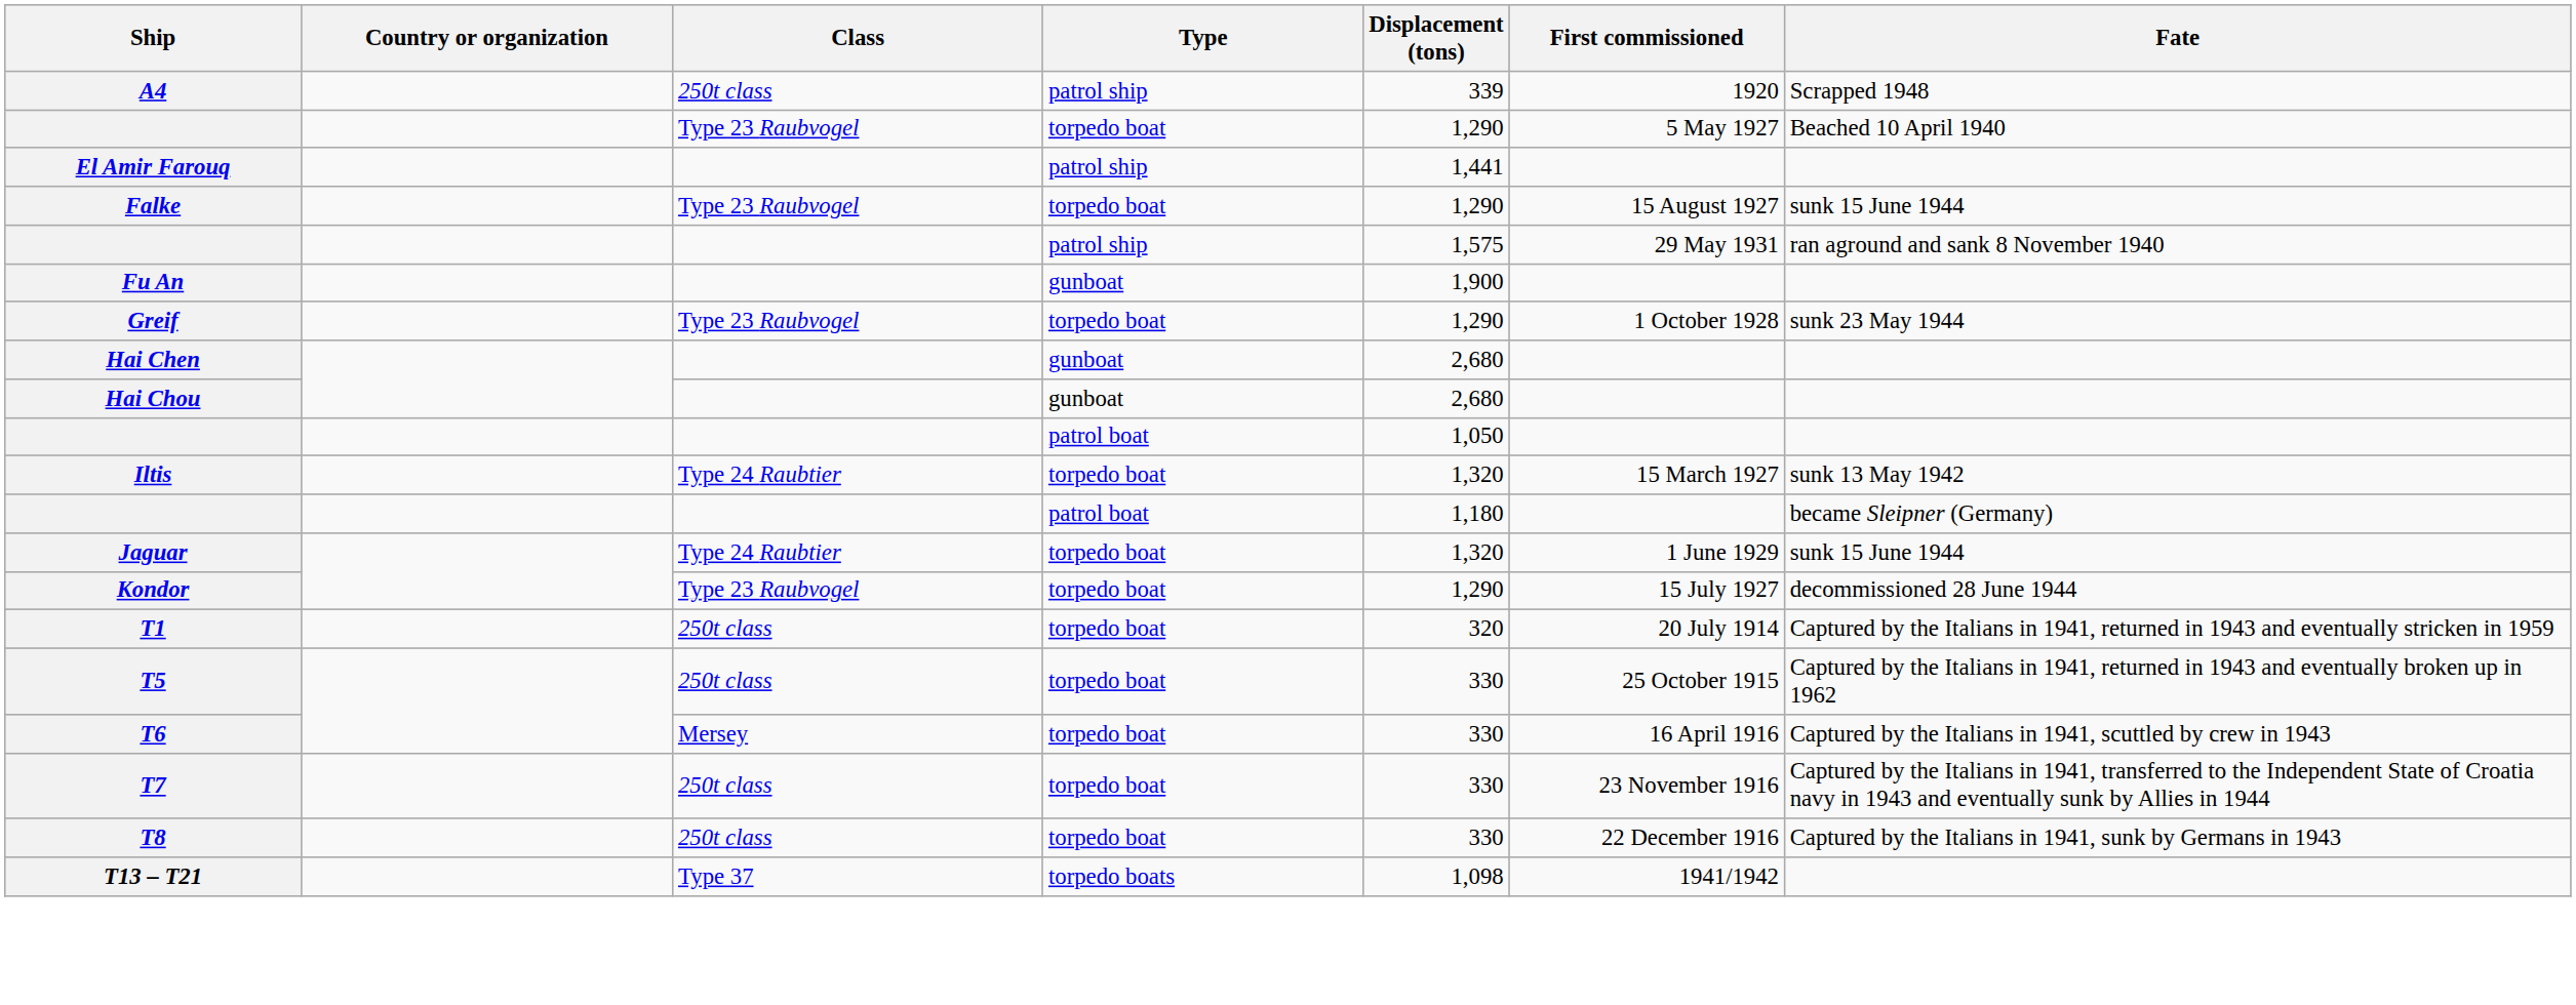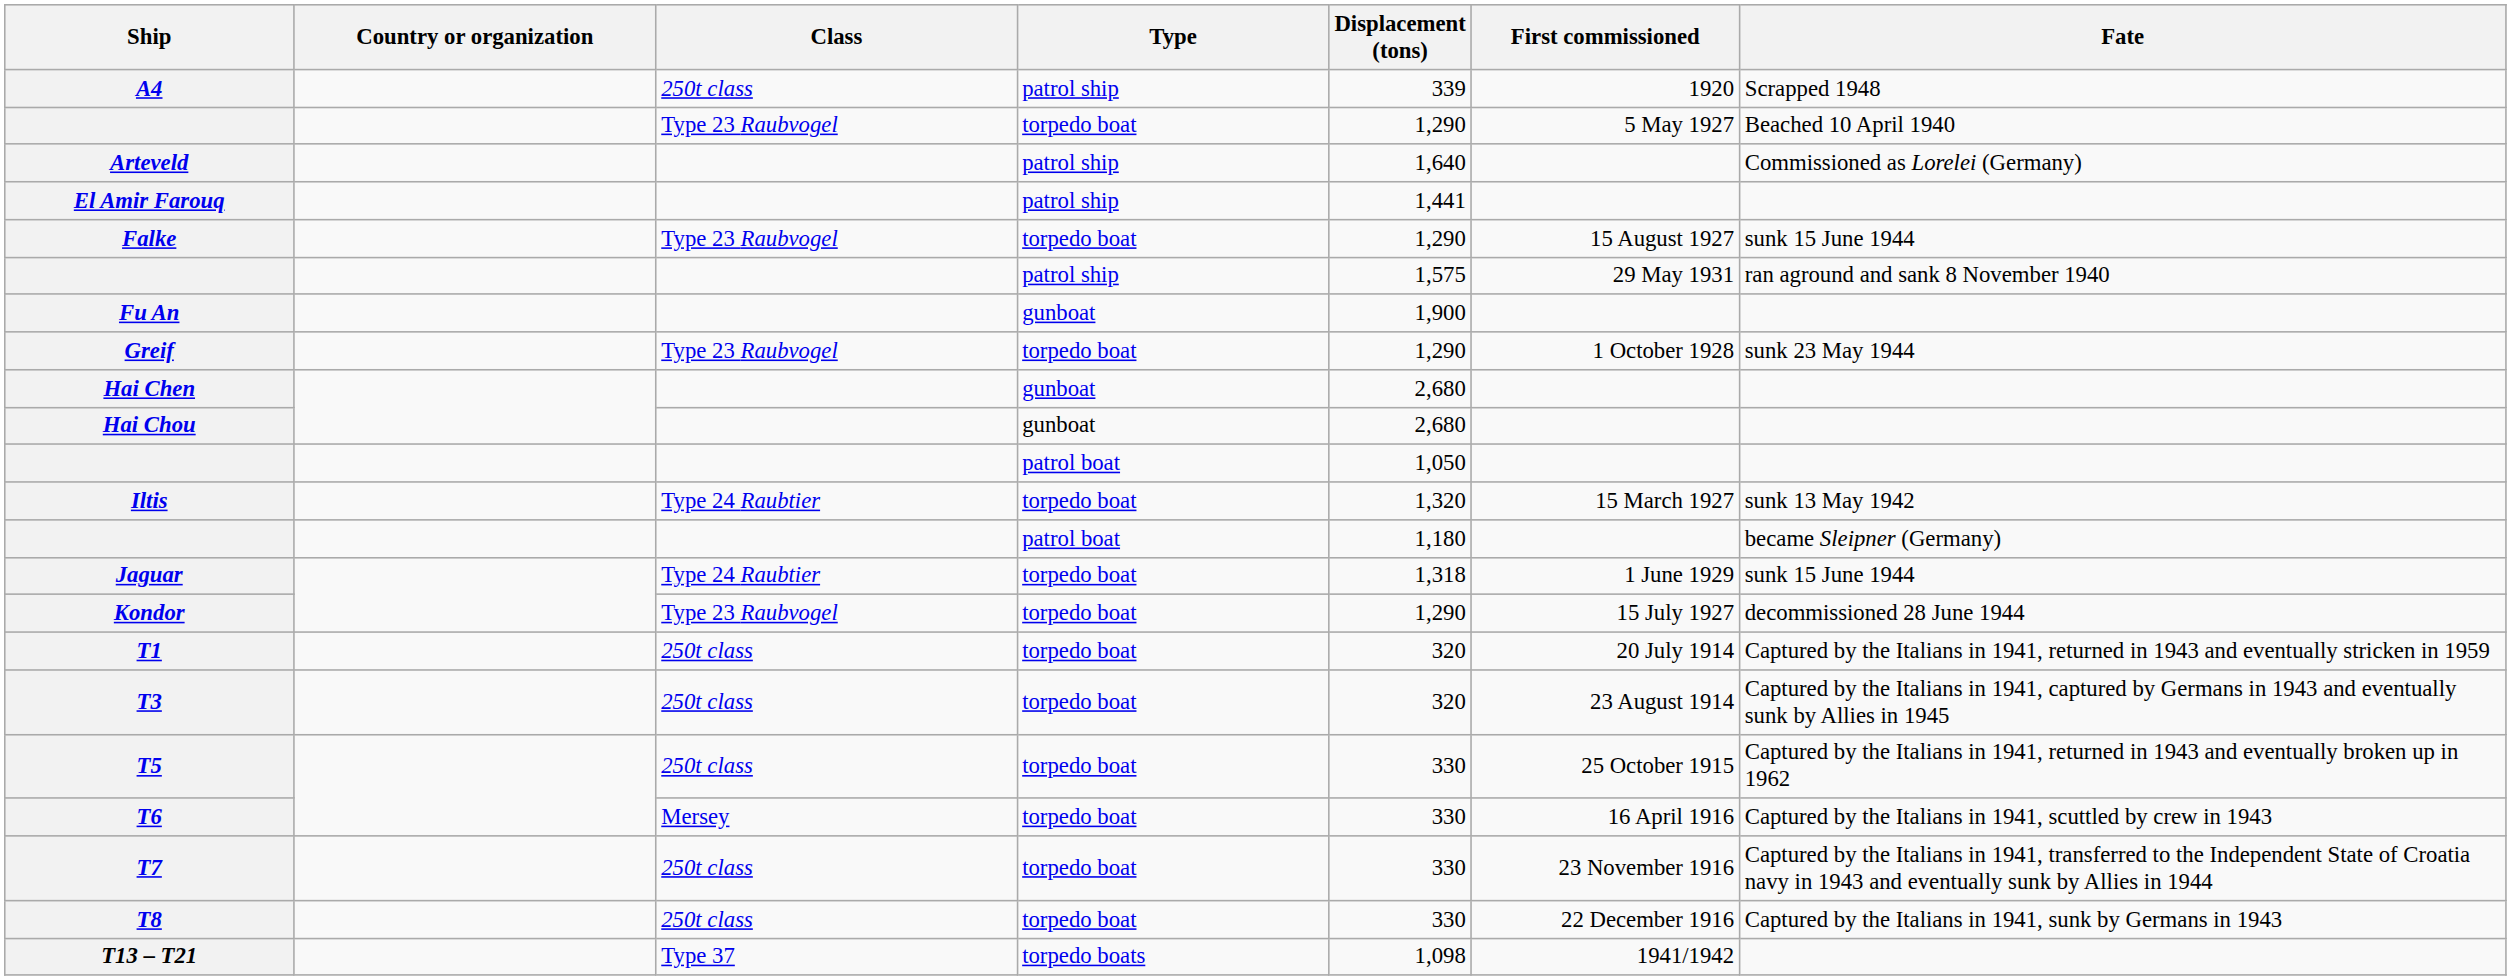 <table class="wikitable sortable plainrowheaders" style="width:100%; font-size: 90%">
 <tr>
 <th scope="col" style="width:12%;">Ship</th>
 <th scope="col" style="width:15%;">Country or organization</th>
 <th scope="col" style="width:15%;">Class</th>
 <th scope="col" style="width:13%;">Type</th>
 <th scope="col" style="width:2%;">Displacement (tons)</th>
 <th scope="col" style="width:11%;">First commissioned</th>
 <th scope="col" style="width:32%;">Fate</th>
 </tr>
 <tr>
 <th scope="row"><em><a href='#'>A4</a></em></th>
 <td></td>
 <td><a href='#'><em>250t class</em></a></td>
 <td><a href='#'>patrol ship</a></td>
 <td style="text-align:right;">339</td>
 <td style="text-align:right;">1920</td>
 <td>Scrapped 1948</td>
 </tr>
 <tr>
 <th scope="row"></th>
 <td></td>
 <td><a href='#'>Type 23 <em>Raubvogel</em></a></td>
 <td><a href='#'>torpedo boat</a></td>
 <td style="text-align:right;">1,290</td>
 <td style="text-align:right;">5 May 1927</td>
 <td>Beached 10 April 1940</td>
+</tr>
+<tr>
+<th scope="row"><em><a href='#'>Arteveld</a></em></th>
+<td></td>
+<td></td>
+<td><a href='#'>patrol ship</a></td>
+<td style="text-align:right;">1,640</td>
+<td style="text-align:right;"></td>
+<td>Commissioned as <em>Lorelei</em> (Germany)</td>
 </tr>
 <tr>
 <th scope="row"><em><a href='#'>El Amir Farouq</a></em></th>
 <td></td>
 <td></td>
 <td><a href='#'>patrol ship</a></td>
 <td style="text-align:right;">1,441</td>
 <td style="text-align:right;"></td>
 <td></td>
 </tr>
 <tr>
 <th scope="row"><a href='#'><em>Falke</em></a></th>
 <td></td>
 <td><a href='#'>Type 23 <em>Raubvogel</em></a></td>
 <td><a href='#'>torpedo boat</a></td>
 <td style="text-align:right;">1,290</td>
 <td style="text-align:right;">15 August 1927</td>
 <td>sunk 15 June 1944</td>
 </tr>
 <tr>
 <th scope="row"></th>
 <td></td>
 <td></td>
 <td><a href='#'>patrol ship</a></td>
 <td style="text-align:right;">1,575</td>
 <td style="text-align:right;">29 May 1931</td>
 <td>ran aground and sank 8 November 1940</td>
 </tr>
 <tr>
 <th scope="row"><em><a href='#'>Fu An</a></em></th>
 <td></td>
 <td></td>
 <td><a href='#'>gunboat</a></td>
 <td style="text-align:right;">1,900</td>
 <td style="text-align:right;"></td>
 <td></td>
 </tr>
 <tr>
 <th scope="row"><a href='#'><em>Greif</em></a></th>
 <td></td>
 <td><a href='#'>Type 23 <em>Raubvogel</em></a></td>
 <td><a href='#'>torpedo boat</a></td>
 <td style="text-align:right;">1,290</td>
 <td style="text-align:right;">1 October 1928</td>
 <td>sunk 23 May 1944</td>
 </tr>
 <tr>
 <th scope="row"><em><a href='#'>Hai Chen</a></em></th>
 <td rowspan="2"></td>
 <td></td>
 <td><a href='#'>gunboat</a></td>
 <td style="text-align:right;">2,680</td>
 <td style="text-align:right;"></td>
 <td></td>
 </tr>
 <tr>
 <th scope="row"><em><a href='#'>Hai Chou</a></em></th>
 <td></td>
 <td>gunboat</td>
 <td style="text-align:right;">2,680</td>
 <td style="text-align:right;"></td>
 <td></td>
 </tr>
 <tr>
 <th scope="row"></th>
 <td></td>
 <td></td>
 <td><a href='#'>patrol boat</a></td>
 <td style="text-align:right;">1,050</td>
 <td style="text-align:right;"></td>
 <td></td>
 </tr>
 <tr>
 <th scope="row"><a href='#'><em>Iltis</em></a></th>
 <td></td>
 <td><a href='#'>Type 24 <em>Raubtier</em></a></td>
 <td><a href='#'>torpedo boat</a></td>
 <td style="text-align:right;">1,320</td>
 <td style="text-align:right;">15 March 1927</td>
 <td>sunk 13 May 1942</td>
 </tr>
 <tr>
 <th scope="row"></th>
 <td></td>
 <td></td>
 <td><a href='#'>patrol boat</a></td>
 <td style="text-align:right;">1,180</td>
 <td style="text-align:right;"></td>
 <td>became <em>Sleipner</em> (Germany)</td>
 </tr>
 <tr>
 <th scope="row"><a href='#'><em>Jaguar</em></a></th>
 <td rowspan="2"></td>
 <td><a href='#'>Type 24 <em>Raubtier</em></a></td>
 <td><a href='#'>torpedo boat</a></td>
-<td style="text-align:right;">1,320</td>
+<td style="text-align:right;">1,318</td>
 <td style="text-align:right;">1 June 1929</td>
 <td>sunk 15 June 1944</td>
 </tr>
 <tr>
 <th scope="row"><a href='#'><em>Kondor</em></a></th>
 <td><a href='#'>Type 23 <em>Raubvogel</em></a></td>
 <td><a href='#'>torpedo boat</a></td>
 <td style="text-align:right;">1,290</td>
 <td style="text-align:right;">15 July 1927</td>
 <td>decommissioned 28 June 1944</td>
 </tr>
 <tr>
 <th scope="row"><em><a href='#'>T1</a></em></th>
 <td></td>
 <td><a href='#'><em>250t class</em></a></td>
 <td><a href='#'>torpedo boat</a></td>
 <td style="text-align:right;">320</td>
 <td style="text-align:right;">20 July 1914</td>
 <td>Captured by the Italians in 1941, returned in 1943 and eventually stricken in 1959</td>
+</tr>
+<tr>
+<th scope="row"><em><a href='#'>T3</a></em></th>
+<td></td>
+<td><a href='#'><em>250t class</em></a></td>
+<td><a href='#'>torpedo boat</a></td>
+<td style="text-align:right;">320</td>
+<td style="text-align:right;">23 August 1914</td>
+<td>Captured by the Italians in 1941, captured by Germans in 1943 and eventually sunk by Allies in 1945</td>
 </tr>
 <tr>
 <th scope="row"><em><a href='#'>T5</a></em></th>
 <td rowspan="2"></td>
 <td><a href='#'><em>250t class</em></a></td>
 <td><a href='#'>torpedo boat</a></td>
 <td style="text-align:right;">330</td>
 <td style="text-align:right;">25 October 1915</td>
 <td>Captured by the Italians in 1941, returned in 1943 and eventually broken up in 1962</td>
 </tr>
 <tr>
 <th scope="row"><em><a href='#'>T6</a></em></th>
 <td><a href='#'>Mersey</a></td>
 <td><a href='#'>torpedo boat</a></td>
 <td style="text-align:right;">330</td>
 <td style="text-align:right;">16 April 1916</td>
 <td>Captured by the Italians in 1941, scuttled by crew in 1943</td>
 </tr>
 <tr>
 <th scope="row"><em><a href='#'>T7</a></em></th>
 <td></td>
 <td><a href='#'><em>250t class</em></a></td>
 <td><a href='#'>torpedo boat</a></td>
 <td style="text-align:right;">330</td>
 <td style="text-align:right;">23 November 1916</td>
 <td>Captured by the Italians in 1941, transferred to the Independent State of Croatia navy in 1943 and eventually sunk by Allies in 1944</td>
 </tr>
 <tr>
 <th scope="row"><em><a href='#'>T8</a></em></th>
 <td></td>
 <td><a href='#'><em>250t class</em></a></td>
 <td><a href='#'>torpedo boat</a></td>
 <td style="text-align:right;">330</td>
 <td style="text-align:right;">22 December 1916</td>
 <td>Captured by the Italians in 1941, sunk by Germans in 1943</td>
 </tr>
 <tr>
 <th scope="row"><em>T13</em> – <em>T21</em></th>
 <td></td>
 <td><a href='#'>Type 37</a></td>
 <td><a href='#'>torpedo boats</a></td>
 <td style="text-align:right;">1,098</td>
 <td style="text-align:right;">1941/1942</td>
 <td></td>
 </tr>
 </table>
